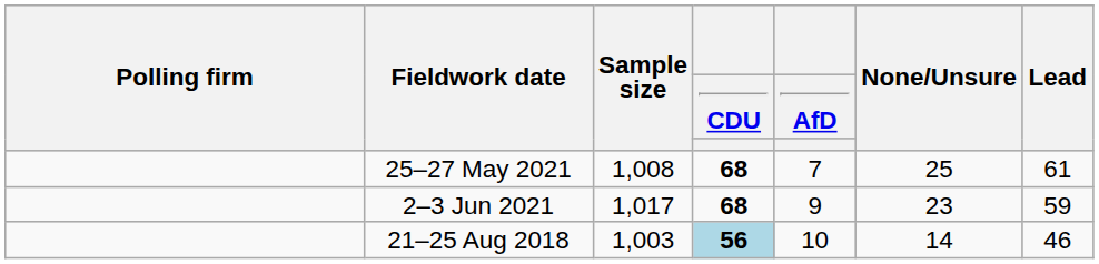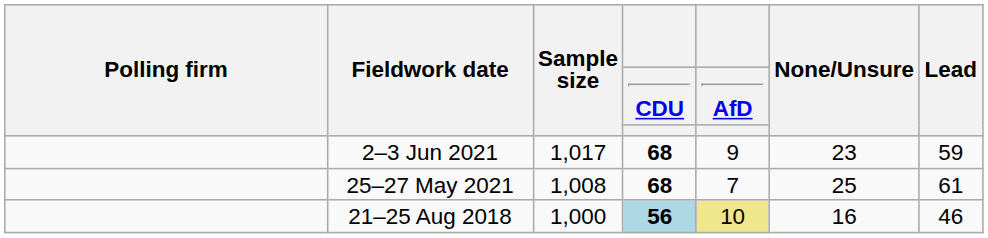 <table class="wikitable sortable" style="text-align:center;font-size:90%;line-height:14px;">
 <tr style="height:40px;">
 <th style="width:200px;" rowspan="3">Polling firm</th>
 <th style="width:125px;" rowspan="3">Fieldwork date</th>
 <th style="width:35px;" rowspan="3">Sample<br>size</th>
 <th class="unsortable" style="width:40px;"></th>
 <th class="unsortable" style="width:40px;"></th>
 <th class="unsortable" style="width:40px;" rowspan="3">None/Unsure</th>
 <th style="width:30px;" rowspan="3">Lead</th>
 </tr>
 <tr>
 <th class="unsortable" style="width:40px;"><hr><a href='#'>CDU</a></th>
 <th class="unsortable" style="width:40px;"><hr><a href='#'>AfD</a></th>
 </tr>
 <tr>
 <th style="background:"></th>
 <th style="background:"></th>
 </tr>
 <tr>
 <td></td>
+<td data-sort-value="2021-06-03">2–3 Jun 2021</td>
+<td>1,017</td>
+<td><strong>68</strong></td>
+<td>9</td>
+<td>23</td>
+<td style="background:">59</td>
+</tr>
+<tr>
+<td></td>
 <td data-sort-value="2021-05-28">25–27 May 2021</td>
 <td>1,008</td>
 <td><strong>68</strong></td>
 <td>7</td>
 <td>25</td>
 <td style="background:">61</td>
 </tr>
 <tr>
 <td></td>
-<td data-sort-value="2021-06-03">2–3 Jun 2021</td>
-<td>1,017</td>
-<td><strong>68</strong></td>
-<td>9</td>
-<td>23</td>
-<td style="background:">59</td>
-</tr>
-<tr>
-<td></td>
 <td data-sort-value="2018-08-28">21–25 Aug 2018</td>
-<td>1,003</td>
+<td>1,000</td>
 <td style="background: lightblue;"><strong>56</strong></td>
-<td>10</td>
-<td>14</td>
+<td style="background: khaki;">10</td>
+<td>16</td>
 <td style="background:">46</td>
 </tr>
 </table>
